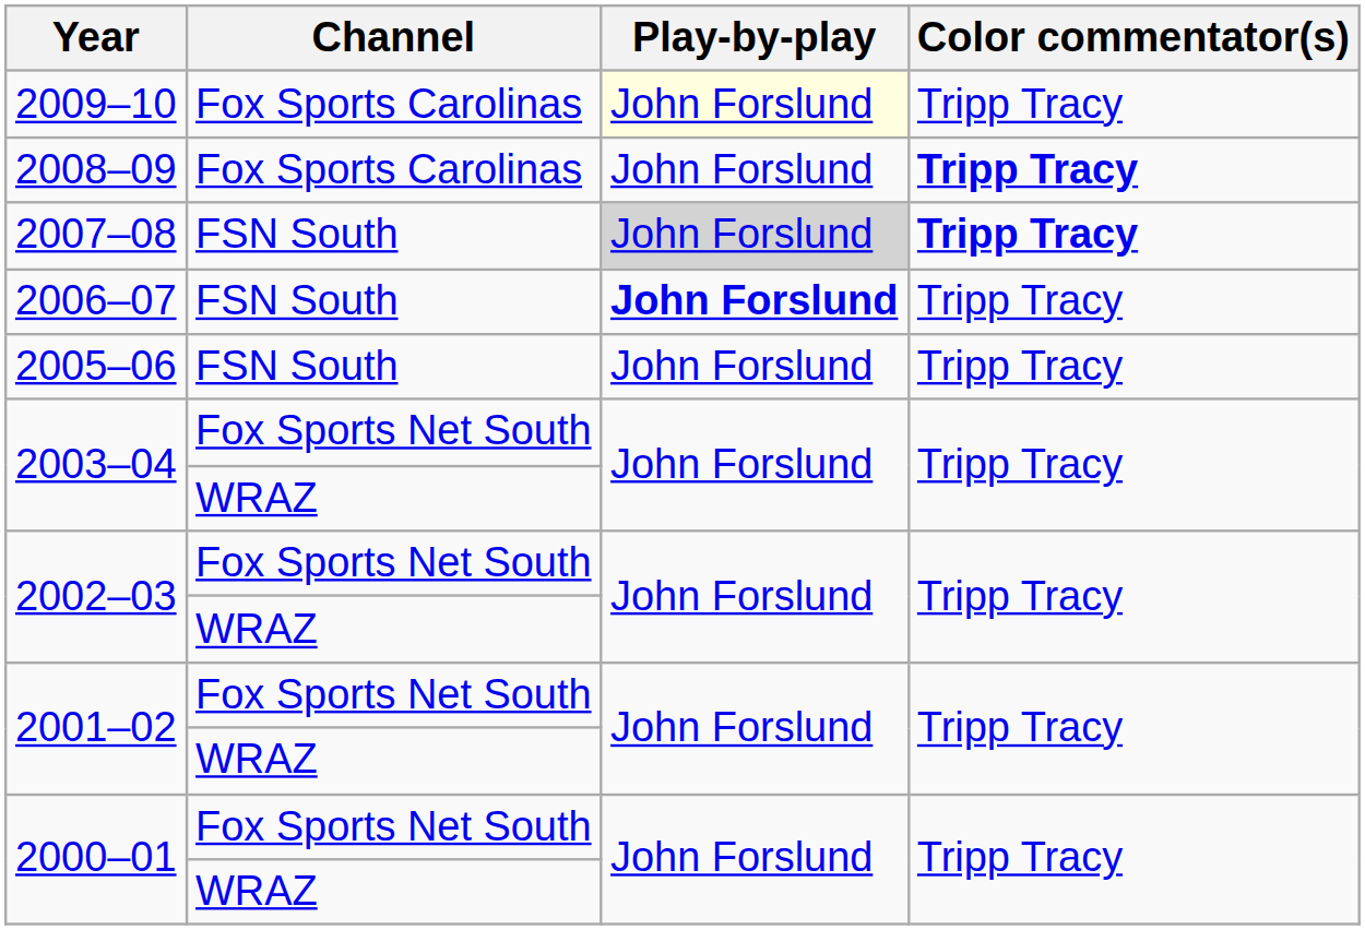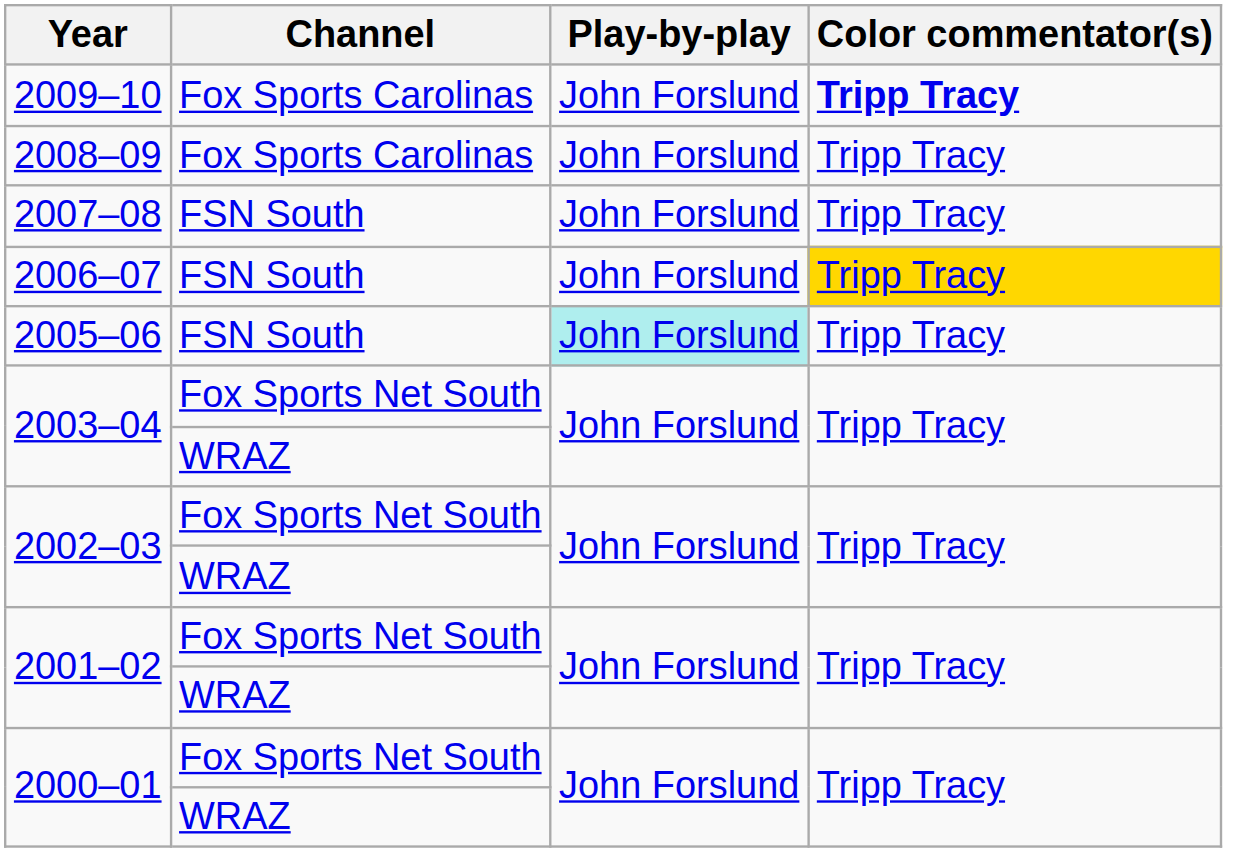 <table class="wikitable">
 <tr>
 <th>Year</th>
 <th>Channel</th>
 <th>Play-by-play</th>
 <th>Color commentator(s)</th>
 </tr>
 <tr>
 <td><a href='#'>2009–10</a></td>
 <td><a href='#'>Fox Sports Carolinas</a></td>
-<td style="background: lightyellow;"><a href='#'>John Forslund</a></td>
-<td><a href='#'>Tripp Tracy</a></td>
+<td><a href='#'>John Forslund</a></td>
+<td><strong><a href='#'>Tripp Tracy</a></strong></td>
 </tr>
 <tr>
 <td><a href='#'>2008–09</a></td>
 <td><a href='#'>Fox Sports Carolinas</a></td>
 <td><a href='#'>John Forslund</a></td>
-<td><strong><a href='#'>Tripp Tracy</a></strong></td>
+<td><a href='#'>Tripp Tracy</a></td>
 </tr>
 <tr>
 <td><a href='#'>2007–08</a></td>
 <td><a href='#'>FSN South</a></td>
-<td style="background: lightgrey;"><a href='#'>John Forslund</a></td>
-<td><strong><a href='#'>Tripp Tracy</a></strong></td>
+<td><a href='#'>John Forslund</a></td>
+<td><a href='#'>Tripp Tracy</a></td>
 </tr>
 <tr>
 <td><a href='#'>2006–07</a></td>
 <td><a href='#'>FSN South</a></td>
-<td><strong><a href='#'>John Forslund</a></strong></td>
-<td><a href='#'>Tripp Tracy</a></td>
+<td><a href='#'>John Forslund</a></td>
+<td style="background: gold;"><a href='#'>Tripp Tracy</a></td>
 </tr>
 <tr>
 <td><a href='#'>2005–06</a></td>
 <td><a href='#'>FSN South</a></td>
-<td><a href='#'>John Forslund</a></td>
+<td style="background: paleturquoise;"><a href='#'>John Forslund</a></td>
 <td><a href='#'>Tripp Tracy</a></td>
 </tr>
 <tr>
 <td rowspan="2"><a href='#'>2003–04</a></td>
 <td><a href='#'>Fox Sports Net South</a></td>
 <td rowspan="2"><a href='#'>John Forslund</a></td>
 <td rowspan="2"><a href='#'>Tripp Tracy</a></td>
 </tr>
 <tr>
 <td><a href='#'>WRAZ</a></td>
 </tr>
 <tr>
 <td rowspan="2"><a href='#'>2002–03</a></td>
 <td><a href='#'>Fox Sports Net South</a></td>
 <td rowspan="2"><a href='#'>John Forslund</a></td>
 <td rowspan="2"><a href='#'>Tripp Tracy</a></td>
 </tr>
 <tr>
 <td><a href='#'>WRAZ</a></td>
 </tr>
 <tr>
 <td rowspan="2"><a href='#'>2001–02</a></td>
 <td><a href='#'>Fox Sports Net South</a></td>
 <td rowspan="2"><a href='#'>John Forslund</a></td>
 <td rowspan="2"><a href='#'>Tripp Tracy</a></td>
 </tr>
 <tr>
 <td><a href='#'>WRAZ</a></td>
 </tr>
 <tr>
 <td rowspan="2"><a href='#'>2000–01</a></td>
 <td><a href='#'>Fox Sports Net South</a></td>
 <td rowspan="2"><a href='#'>John Forslund</a></td>
 <td rowspan="2"><a href='#'>Tripp Tracy</a></td>
 </tr>
 <tr>
 <td><a href='#'>WRAZ</a></td>
 </tr>
 </table>
